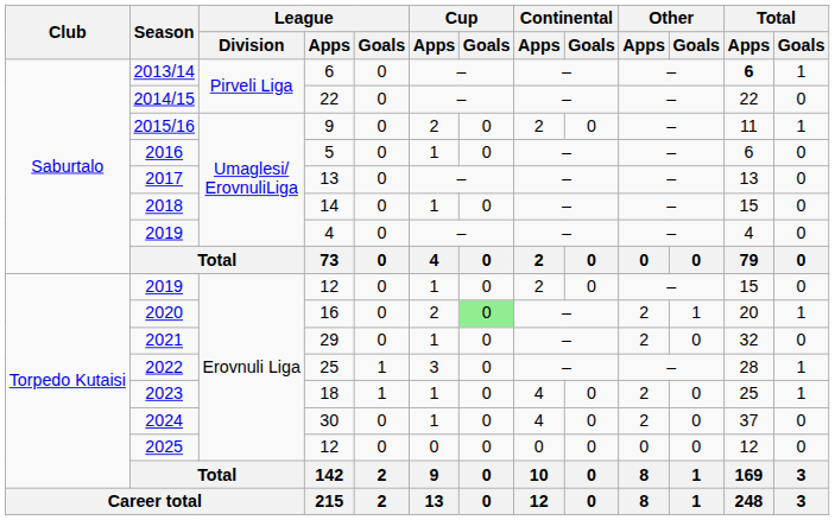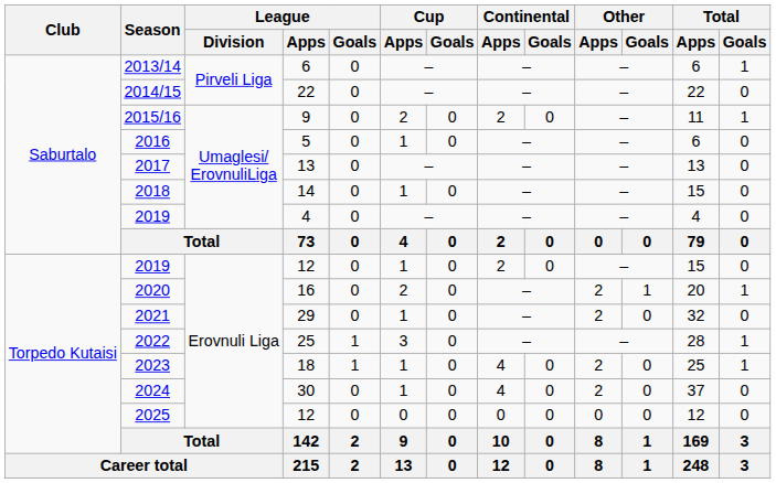 <table class="wikitable" style="text-align:center">
 <tr>
 <th rowspan="2">Club</th>
 <th rowspan="2">Season</th>
 <th colspan="3">League</th>
 <th colspan="2">Cup</th>
 <th colspan="2">Continental</th>
 <th colspan="2">Other</th>
 <th colspan="2">Total</th>
 </tr>
 <tr>
 <th>Division</th>
 <th>Apps</th>
 <th>Goals</th>
 <th>Apps</th>
 <th>Goals</th>
 <th>Apps</th>
 <th>Goals</th>
 <th>Apps</th>
 <th>Goals</th>
 <th>Apps</th>
 <th>Goals</th>
 </tr>
 <tr>
 <td rowspan="8"><a href='#'>Saburtalo</a></td>
 <td><a href='#'>2013/14</a></td>
 <td rowspan="2"><a href='#'>Pirveli Liga</a></td>
 <td>6</td>
 <td>0</td>
 <td colspan="2">–</td>
 <td colspan="2">–</td>
 <td colspan="2">–</td>
-<td><strong>6</strong></td>
+<td>6</td>
 <td>1</td>
 </tr>
 <tr>
 <td><a href='#'>2014/15</a></td>
 <td>22</td>
 <td>0</td>
 <td colspan="2">–</td>
 <td colspan="2">–</td>
 <td colspan="2">–</td>
 <td>22</td>
 <td>0</td>
 </tr>
 <tr>
 <td><a href='#'>2015/16</a></td>
 <td rowspan="5"><a href='#'>Umaglesi/ <br>ErovnuliLiga</a></td>
 <td>9</td>
 <td>0</td>
 <td>2</td>
 <td>0</td>
 <td>2</td>
 <td>0</td>
 <td colspan="2">–</td>
 <td>11</td>
 <td>1</td>
 </tr>
 <tr>
 <td><a href='#'>2016</a></td>
 <td>5</td>
 <td>0</td>
 <td>1</td>
 <td>0</td>
 <td colspan="2">–</td>
 <td colspan="2">–</td>
 <td>6</td>
 <td>0</td>
 </tr>
 <tr>
 <td><a href='#'>2017</a></td>
 <td>13</td>
 <td>0</td>
 <td colspan="2">–</td>
 <td colspan="2">–</td>
 <td colspan="2">–</td>
 <td>13</td>
 <td>0</td>
 </tr>
 <tr>
 <td><a href='#'>2018</a></td>
 <td>14</td>
 <td>0</td>
 <td>1</td>
 <td>0</td>
 <td colspan="2">–</td>
 <td colspan="2">–</td>
 <td>15</td>
 <td>0</td>
 </tr>
 <tr>
 <td><a href='#'>2019</a></td>
 <td>4</td>
 <td>0</td>
 <td colspan="2">–</td>
 <td colspan="2">–</td>
 <td colspan="2">–</td>
 <td>4</td>
 <td>0</td>
 </tr>
 <tr>
 <th colspan="2">Total</th>
 <th>73</th>
 <th>0</th>
 <th>4</th>
 <th>0</th>
 <th>2</th>
 <th>0</th>
 <th>0</th>
 <th>0</th>
 <th>79</th>
 <th>0</th>
 </tr>
 <tr>
 <td rowspan="8"><a href='#'>Torpedo Kutaisi</a></td>
 <td><a href='#'>2019</a></td>
 <td rowspan="7">Erovnuli Liga</td>
 <td>12</td>
 <td>0</td>
 <td>1</td>
 <td>0</td>
 <td>2</td>
 <td>0</td>
 <td colspan="2">–</td>
 <td>15</td>
 <td>0</td>
 </tr>
 <tr>
 <td><a href='#'>2020</a></td>
 <td>16</td>
 <td>0</td>
 <td>2</td>
-<td style="background: lightgreen;">0</td>
+<td>0</td>
 <td colspan="2">–</td>
 <td>2</td>
 <td>1</td>
 <td>20</td>
 <td>1</td>
 </tr>
 <tr>
 <td><a href='#'>2021</a></td>
 <td>29</td>
 <td>0</td>
 <td>1</td>
 <td>0</td>
 <td colspan="2">–</td>
 <td>2</td>
 <td>0</td>
 <td>32</td>
 <td>0</td>
 </tr>
 <tr>
 <td><a href='#'>2022</a></td>
 <td>25</td>
 <td>1</td>
 <td>3</td>
 <td>0</td>
 <td colspan="2">–</td>
 <td colspan="2">–</td>
 <td>28</td>
 <td>1</td>
 </tr>
 <tr>
 <td><a href='#'>2023</a></td>
 <td>18</td>
 <td>1</td>
 <td>1</td>
 <td>0</td>
 <td>4</td>
 <td>0</td>
 <td>2</td>
 <td>0</td>
 <td>25</td>
 <td>1</td>
 </tr>
 <tr>
 <td><a href='#'>2024</a></td>
 <td>30</td>
 <td>0</td>
 <td>1</td>
 <td>0</td>
 <td>4</td>
 <td>0</td>
 <td>2</td>
 <td>0</td>
 <td>37</td>
 <td>0</td>
 </tr>
 <tr>
 <td><a href='#'>2025</a></td>
 <td>12</td>
 <td>0</td>
 <td>0</td>
 <td>0</td>
 <td>0</td>
 <td>0</td>
 <td>0</td>
 <td>0</td>
 <td>12</td>
 <td>0</td>
 </tr>
 <tr>
 <th colspan="2">Total</th>
 <th>142</th>
 <th>2</th>
 <th>9</th>
 <th>0</th>
 <th>10</th>
 <th>0</th>
 <th>8</th>
 <th>1</th>
 <th>169</th>
 <th>3</th>
 </tr>
 <tr>
 <th colspan="3">Career total</th>
 <th>215</th>
 <th>2</th>
 <th>13</th>
 <th>0</th>
 <th>12</th>
 <th>0</th>
 <th>8</th>
 <th>1</th>
 <th>248</th>
 <th>3</th>
 </tr>
 </table>
